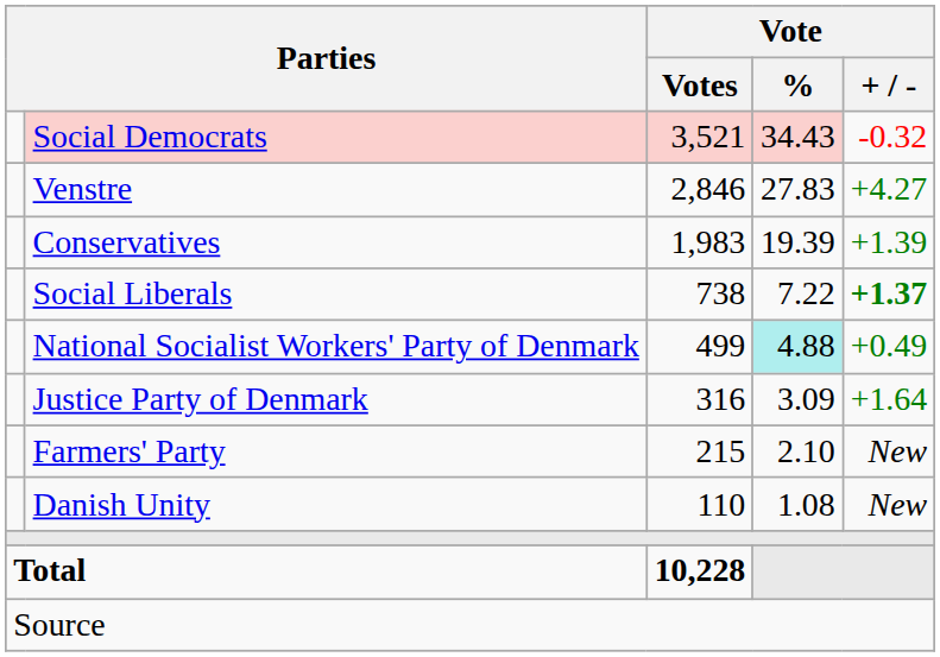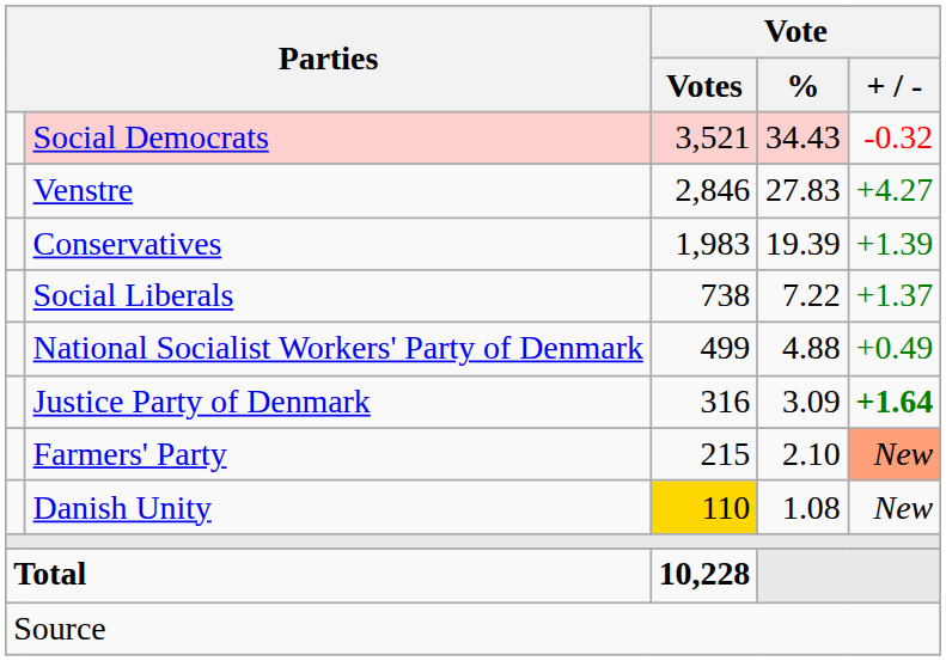 <table class="wikitable" style="text-align:right;">
 <tr>
 <th style="text-align:centre;" rowspan="2" colspan="2" width="225">Parties</th>
 <th colspan="3">Vote</th>
 </tr>
 <tr>
 <th width="15">Votes</th>
 <th width="15">%</th>
 <th width="15">+ / -</th>
 </tr>
 <tr>
 <td width="2" style="color:inherit;background:"></td>
 <td bgcolor=#fbd0ce  align="left"><a href='#'>Social Democrats</a></td>
 <td bgcolor=#fbd0ce>3,521</td>
 <td bgcolor=#fbd0ce>34.43</td>
 <td style=color:red;>-0.32</td>
 </tr>
 <tr>
 <td width="2" style="color:inherit;background:"></td>
 <td align="left"><a href='#'>Venstre</a></td>
 <td>2,846</td>
 <td>27.83</td>
 <td style=color:green;>+4.27</td>
 </tr>
 <tr>
 <td width="2" style="color:inherit;background:"></td>
 <td align="left"><a href='#'>Conservatives</a></td>
 <td>1,983</td>
 <td>19.39</td>
 <td style=color:green;>+1.39</td>
 </tr>
 <tr>
 <td width="2" style="color:inherit;background:"></td>
 <td align="left"><a href='#'>Social Liberals</a></td>
 <td>738</td>
 <td>7.22</td>
-<td style=color:green;><strong>+1.37</strong></td>
+<td style=color:green;>+1.37</td>
 </tr>
 <tr>
 <td width="2" style="color:inherit;background:"></td>
 <td align="left"><a href='#'>National Socialist Workers' Party of Denmark</a></td>
 <td>499</td>
-<td style="background: paleturquoise;">4.88</td>
+<td>4.88</td>
 <td style=color:green;>+0.49</td>
 </tr>
 <tr>
 <td width="2" style="color:inherit;background:"></td>
 <td align="left"><a href='#'>Justice Party of Denmark</a></td>
 <td>316</td>
 <td>3.09</td>
-<td style=color:green;>+1.64</td>
+<td style=color:green;><strong>+1.64</strong></td>
 </tr>
 <tr>
 <td width="2" style="color:inherit;background:"></td>
 <td align="left"><a href='#'>Farmers' Party</a></td>
 <td>215</td>
 <td>2.10</td>
-<td><em>New</em></td>
+<td style="background: lightsalmon;"><em>New</em></td>
 </tr>
 <tr>
 <td width="2" style="color:inherit;background:"></td>
 <td align="left"><a href='#'>Danish Unity</a></td>
-<td>110</td>
+<td style="background: gold;">110</td>
 <td>1.08</td>
 <td><em>New</em></td>
 </tr>
 <tr>
 <td colspan="7" bgcolor="#E9E9E9"></td>
 </tr>
 <tr>
 <td align="left" colspan="2"><strong>Total</strong></td>
 <td><strong>10,228</strong></td>
 <td bgcolor="#E9E9E9" colspan="2"></td>
 </tr>
 <tr>
 <td align="left" colspan="6">Source</td>
 </tr>
 </table>
